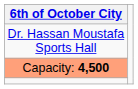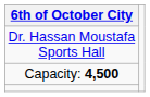 <table class="wikitable" style="text-align:center;margin:1em auto;">
 <tr>
 <th><a href='#'>6th of October City</a></th>
 <td rowspan=6></td>
 </tr>
 <tr>
 <td width=150px><a href='#'>Dr. Hassan Moustafa Sports Hall</a></td>
 </tr>
 <tr>
-<td style="background: lightsalmon;">Capacity: <strong>4,500</strong></td>
+<td>Capacity: <strong>4,500</strong></td>
 </tr>
 <tr>
 <td></td>
 </tr>
 </table>
